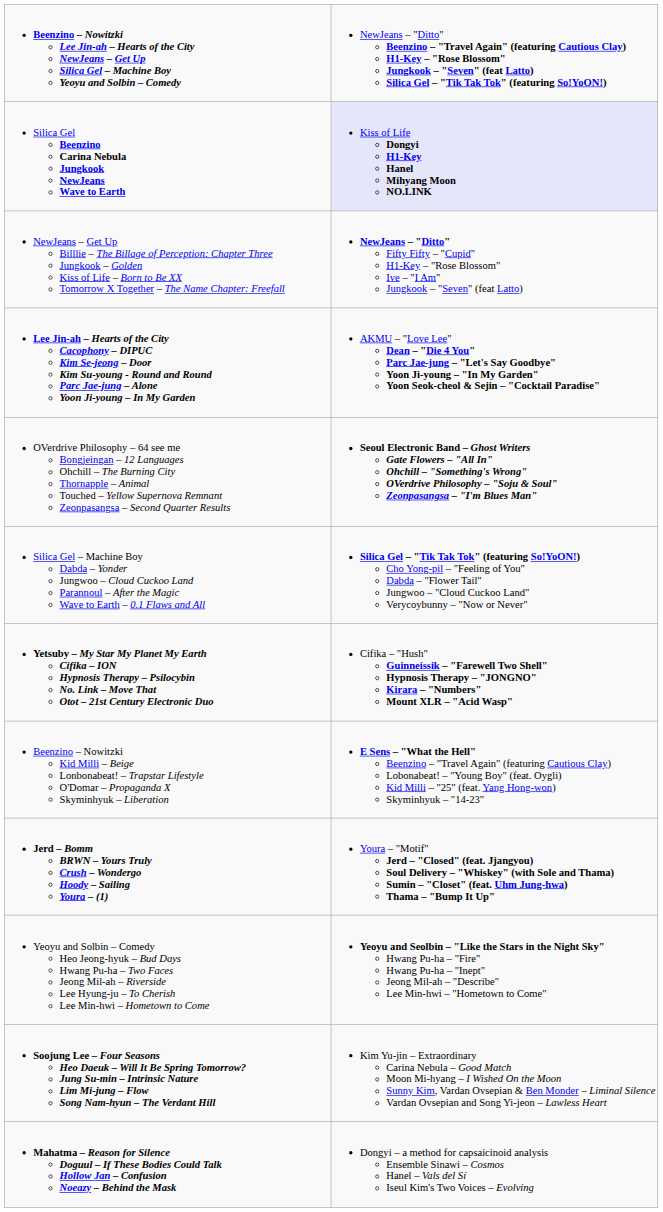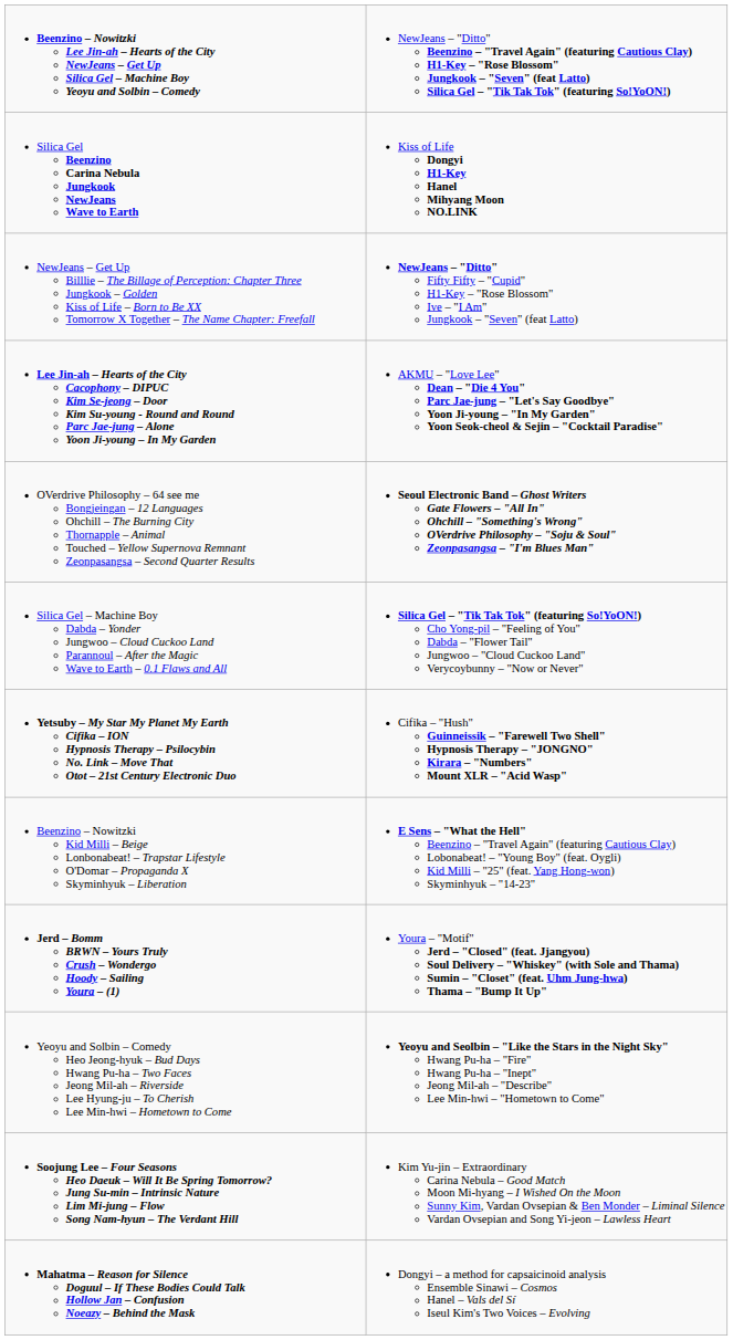 <table class="wikitable">
 <tr>
 <td style="vertical-align:top;" width="50%"><br><ul><li><strong><a href='#'>Beenzino</a> – <em>Nowitzki<strong><em><ul><li><a href='#'>Lee Jin-ah</a> – </em>Hearts of the City<em></li><li><a href='#'>NewJeans</a> – </em><a href='#'>Get Up</a><em></li><li><a href='#'>Silica Gel</a> – </em>Machine Boy<em></li><li>Yeoyu and Solbin – </em>Comedy<em></li></ul></li></ul></td>
 <td style="vertical-align:top;" width="50%"><br><ul><li></strong><a href='#'>NewJeans</a> – "<a href='#'>Ditto</a>"<strong><ul><li><a href='#'>Beenzino</a> – "Travel Again" (featuring <a href='#'>Cautious Clay</a>)</li><li><a href='#'>H1-Key</a> – "Rose Blossom"</li><li><a href='#'>Jungkook</a> – "<a href='#'>Seven</a>" (feat <a href='#'>Latto</a>)</li><li><a href='#'>Silica Gel</a> – "<a href='#'>Tik Tak Tok</a>" (featuring <a href='#'>So!YoON!</a>)</li></ul></li></ul></td>
 </tr>
 <tr>
 <td style="vertical-align:top;" width="50%"><br><ul><li></strong><a href='#'>Silica Gel</a><strong><ul><li><a href='#'>Beenzino</a></li><li>Carina Nebula</li><li><a href='#'>Jungkook</a></li><li><a href='#'>NewJeans</a></li><li><a href='#'>Wave to Earth</a></li></ul></li></ul></td>
-<td style="background: lavender; vertical-align:top;" width="50%"><br><ul><li></strong><a href='#'>Kiss of Life</a><strong><ul><li>Dongyi</li><li><a href='#'>H1-Key</a></li><li>Hanel</li><li>Mihyang Moon</li><li>NO.LINK</li></ul></li></ul></td>
+<td style="vertical-align:top;" width="50%"><br><ul><li></strong><a href='#'>Kiss of Life</a><strong><ul><li>Dongyi</li><li><a href='#'>H1-Key</a></li><li>Hanel</li><li>Mihyang Moon</li><li>NO.LINK</li></ul></li></ul></td>
 </tr>
 <tr>
 <td style="vertical-align:top;" width="50%"><br><ul><li></strong><a href='#'>NewJeans</a> – </em><a href='#'>Get Up</a></em></strong><ul><li><a href='#'>Billlie</a> – <em><a href='#'>The Billage of Perception: Chapter Three</a></em></li><li><a href='#'>Jungkook</a> – <em><a href='#'>Golden</a></em></li><li><a href='#'>Kiss of Life</a> – <em><a href='#'>Born to Be XX</a></em></li><li><a href='#'>Tomorrow X Together</a> – <em><a href='#'>The Name Chapter: Freefall</a></em></li></ul></li></ul></td>
 <td style="vertical-align:top;" width="50%"><br><ul><li><strong><a href='#'>NewJeans</a> – "<a href='#'>Ditto</a>"</strong><ul><li><a href='#'>Fifty Fifty</a> – "<a href='#'>Cupid</a>"</li><li><a href='#'>H1-Key</a> – "Rose Blossom"</li><li><a href='#'>Ive</a> – "<a href='#'>I Am</a>"</li><li><a href='#'>Jungkook</a> – "<a href='#'>Seven</a>" (feat <a href='#'>Latto</a>)</li></ul></li></ul></td>
 </tr>
 <tr>
 <td style="vertical-align:top;" width="50%"><br><ul><li><strong><a href='#'>Lee Jin-ah</a> – <em>Hearts of the City<strong><em><ul><li><a href='#'>Cacophony</a> – </em>DIPUC<em></li><li><a href='#'>Kim Se-jeong</a> – </em>Door<em></li><li>Kim Su-young - </em>Round and Round<em></li><li><a href='#'>Parc Jae-jung</a> – </em>Alone<em></li><li>Yoon Ji-young – </em>In My Garden<em></li></ul></li></ul></td>
 <td style="vertical-align:top;" width="50%"><br><ul><li></strong><a href='#'>AKMU</a> – "<a href='#'>Love Lee</a>"<strong><ul><li><a href='#'>Dean</a> – "<a href='#'>Die 4 You</a>"</li><li><a href='#'>Parc Jae-jung</a> – "Let's Say Goodbye"</li><li>Yoon Ji-young – "In My Garden"</li><li>Yoon Seok-cheol & Sejin – "Cocktail Paradise"</li></ul></li></ul></td>
 </tr>
 <tr>
 <td style="vertical-align:top;" width="50%"><br><ul><li></strong>OVerdrive Philosophy – </em>64 see me</em></strong><ul><li><a href='#'>Bongjeingan</a> – <em>12 Languages</em></li><li>Ohchill – <em>The Burning City</em></li><li><a href='#'>Thornapple</a> – <em>Animal</em></li><li>Touched – <em>Yellow Supernova Remnant</em></li><li><a href='#'>Zeonpasangsa</a> – <em>Second Quarter Results</em></li></ul></li></ul></td>
 <td style="vertical-align:top;" width="50%"><br><ul><li><strong>Seoul Electronic Band – <em>Ghost Writers<strong><em><ul><li>Gate Flowers – "All In"</li><li>Ohchill – "Something's Wrong"</li><li>OVerdrive Philosophy – "Soju & Soul"</li><li><a href='#'>Zeonpasangsa</a> – "I'm Blues Man"</li></ul></li></ul></td>
 </tr>
 <tr>
 <td style="vertical-align:top;" width="50%"><br><ul><li></strong><a href='#'>Silica Gel</a> – </em>Machine Boy</em></strong><ul><li><a href='#'>Dabda</a> – <em>Yonder</em></li><li>Jungwoo – <em>Cloud Cuckoo Land</em></li><li><a href='#'>Parannoul</a> – <em>After the Magic</em></li><li><a href='#'>Wave to Earth</a> – <em><a href='#'>0.1 Flaws and All</a></em></li></ul></li></ul></td>
 <td style="vertical-align:top;" width="50%"><br><ul><li><strong><a href='#'>Silica Gel</a> – "<a href='#'>Tik Tak Tok</a>" (featuring <a href='#'>So!YoON!</a>)</strong><ul><li><a href='#'>Cho Yong-pil</a> – "Feeling of You"</li><li><a href='#'>Dabda</a> – "Flower Tail"</li><li>Jungwoo – "Cloud Cuckoo Land"</li><li>Verycoybunny – "Now or Never"</li></ul></li></ul></td>
 </tr>
 <tr>
 <td style="vertical-align:top;" width="50%"><br><ul><li><strong>Yetsuby – <em>My Star My Planet My Earth<strong><em><ul><li>Cifika – </em>ION<em></li><li>Hypnosis Therapy – </em>Psilocybin<em></li><li>No. Link – </em>Move That<em></li><li>Otot – </em>21st Century Electronic Duo<em></li></ul></li></ul></td>
 <td style="vertical-align:top;" width="50%"><br><ul><li></strong>Cifika – "Hush"<strong><ul><li><a href='#'>Guinneissik</a> – "Farewell Two Shell"</li><li>Hypnosis Therapy – "JONGNO"</li><li><a href='#'>Kirara</a> – "Numbers"</li><li>Mount XLR – "Acid Wasp"</li></ul></li></ul></td>
 </tr>
 <tr>
 <td style="vertical-align:top;" width="50%"><br><ul><li></strong><a href='#'>Beenzino</a> – </em>Nowitzki</em></strong><ul><li><a href='#'>Kid Milli</a> – <em>Beige</em></li><li>Lonbonabeat! – <em>Trapstar Lifestyle</em></li><li>O'Domar – <em>Propaganda X</em></li><li>Skyminhyuk – <em>Liberation</em></li></ul></li></ul></td>
 <td style="vertical-align:top;" width="50%"><br><ul><li><strong><a href='#'>E Sens</a> – "What the Hell"</strong><ul><li><a href='#'>Beenzino</a> – "Travel Again" (featuring <a href='#'>Cautious Clay</a>)</li><li>Lobonabeat! – "Young Boy" (feat. Oygli)</li><li><a href='#'>Kid Milli</a> – "25" (feat. <a href='#'>Yang Hong-won</a>)</li><li>Skyminhyuk – "14-23"</li></ul></li></ul></td>
 </tr>
 <tr>
 <td style="vertical-align:top;" width="50%"><br><ul><li><strong>Jerd – <em>Bomm<strong><em><ul><li>BRWN – </em>Yours Truly<em></li><li><a href='#'>Crush</a> – </em>Wondergo<em></li><li><a href='#'>Hoody</a> – </em>Sailing<em></li><li><a href='#'>Youra</a> – </em>(1)<em></li></ul></li></ul></td>
 <td style="vertical-align:top" width="50%"><br><ul><li></strong><a href='#'>Youra</a> – "Motif"<strong><ul><li>Jerd – "Closed" (feat. Jjangyou)</li><li>Soul Delivery – "Whiskey" (with Sole and Thama)</li><li>Sumin – "Closet" (feat. <a href='#'>Uhm Jung-hwa</a>)</li><li>Thama – "Bump It Up"</li></ul></li></ul></td>
 </tr>
 <tr>
 <td style="vertical-align:top;" width="50%"><br><ul><li></strong>Yeoyu and Solbin – </em>Comedy</em></strong><ul><li>Heo Jeong-hyuk – <em>Bud Days</em></li><li>Hwang Pu-ha – <em>Two Faces</em></li><li>Jeong Mil-ah – <em>Riverside</em></li><li>Lee Hyung-ju – <em>To Cherish</em></li><li>Lee Min-hwi – <em>Hometown to Come</em></li></ul></li></ul></td>
 <td style="vertical-align:top;" width="50%"><br><ul><li><strong>Yeoyu and Seolbin – "Like the Stars in the Night Sky"</strong><ul><li>Hwang Pu-ha – "Fire"</li><li>Hwang Pu-ha – "Inept"</li><li>Jeong Mil-ah – "Describe"</li><li>Lee Min-hwi – "Hometown to Come"</li></ul></li></ul></td>
 </tr>
 <tr>
 <td style="vertical-align:top;" width="50%"><br><ul><li><strong>Soojung Lee – <em>Four Seasons<strong><em><ul><li>Heo Daeuk – </em>Will It Be Spring Tomorrow?<em></li><li>Jung Su-min – </em>Intrinsic Nature<em></li><li>Lim Mi-jung – </em>Flow<em></li><li>Song Nam-hyun – </em>The Verdant Hill<em></li></ul></li></ul></td>
 <td style="vertical-align:top;" width="50%"><br><ul><li></strong>Kim Yu-jin – </em>Extraordinary</em></strong><ul><li>Carina Nebula – <em>Good Match</em></li><li>Moon Mi-hyang – <em>I Wished On the Moon</em></li><li><a href='#'>Sunny Kim</a>, Vardan Ovsepian & <a href='#'>Ben Monder</a> – <em>Liminal Silence</em></li><li>Vardan Ovsepian and Song Yi-jeon – <em>Lawless Heart</em></li></ul></li></ul></td>
 </tr>
 <tr>
 <td style="vertical-align:top;" width="50%"><br><ul><li><strong>Mahatma – <em>Reason for Silence<strong><em><ul><li>Doguul – </em>If These Bodies Could Talk<em></li><li><a href='#'>Hollow Jan</a> – </em>Confusion<em></li><li><a href='#'>Noeazy</a> – </em>Behind the Mask<em></li></ul></li></ul></td>
 <td style="vertical-align:top;" width="50%"><br><ul><li></strong>Dongyi – </em>a method for capsaicinoid analysis</em></strong><ul><li>Ensemble Sinawi – <em>Cosmos</em></li><li>Hanel – <em>Vals del Sí</em></li><li>Iseul Kim's Two Voices – <em>Evolving</em></li></ul></li></ul></td>
 </tr>
 </table>
